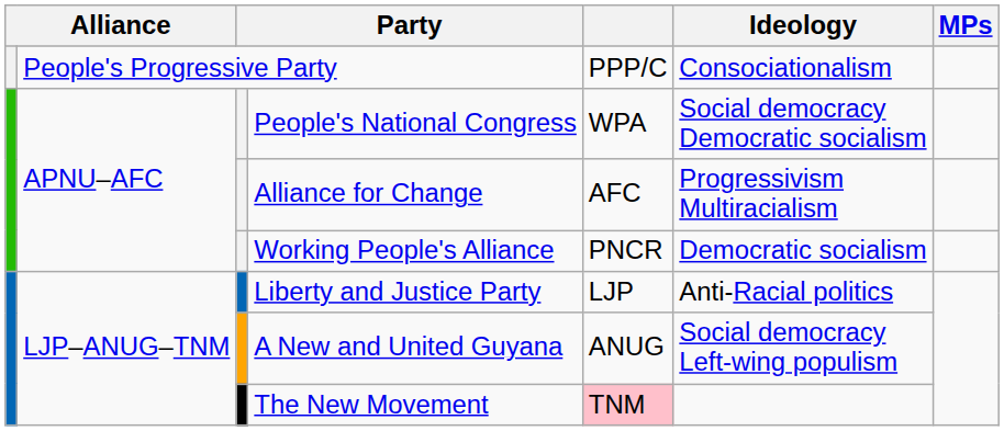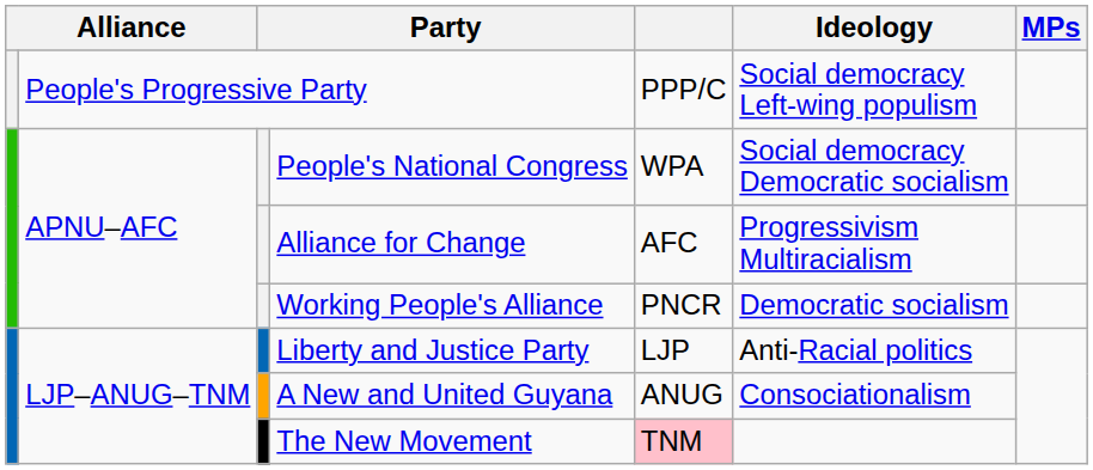 <table class="wikitable">
 <tr>
 <th colspan=2>Alliance</th>
 <th colspan=2>Party</th>
 <th></th>
 <th>Ideology</th>
 <th><a href='#'>MPs</a></th>
 </tr>
 <tr>
 <th style="background-color: "></th>
 <td colspan=3><a href='#'>People's Progressive Party</a></td>
 <td>PPP/C</td>
-<td><a href='#'>Consociationalism</a></td>
+<td><a href='#'>Social democracy</a><br><a href='#'>Left-wing populism</a></td>
 <td></td>
 </tr>
 <tr>
 <th rowspan=3 style=background-color:#24BB04></th>
 <td rowspan=3><a href='#'>APNU</a>–<a href='#'>AFC</a></td>
 <th style="background-color:"></th>
 <td><a href='#'>People's National Congress</a></td>
 <td>WPA</td>
 <td><a href='#'>Social democracy</a><br><a href='#'>Democratic socialism</a></td>
 <td></td>
 </tr>
 <tr>
 <th style="background-color: "></th>
 <td><a href='#'>Alliance for Change</a></td>
 <td>AFC</td>
 <td><a href='#'>Progressivism</a><br><a href='#'>Multiracialism</a></td>
 <td></td>
 </tr>
 <tr>
 <th style="background-color:"></th>
 <td><a href='#'>Working People's Alliance</a></td>
 <td>PNCR</td>
 <td><a href='#'>Democratic socialism</a></td>
 <td></td>
 </tr>
 <tr>
 <th rowspan=3 style=background-color:#0267B5></th>
 <td rowspan=3><a href='#'>LJP</a>–<a href='#'>ANUG</a>–<a href='#'>TNM</a></td>
 <th style=background-color:#0267B5></th>
 <td><a href='#'>Liberty and Justice Party</a></td>
 <td>LJP</td>
 <td>Anti-<a href='#'>Racial politics</a></td>
 <td rowspan=3></td>
 </tr>
 <tr>
 <th style="background-color: orange"></th>
 <td><a href='#'>A New and United Guyana</a></td>
 <td>ANUG</td>
-<td><a href='#'>Social democracy</a><br><a href='#'>Left-wing populism</a></td>
+<td><a href='#'>Consociationalism</a></td>
 </tr>
 <tr>
 <th style=background:#000000></th>
 <td><a href='#'>The New Movement</a></td>
 <td style="background: pink;">TNM</td>
 <td></td>
 </tr>
 </table>
